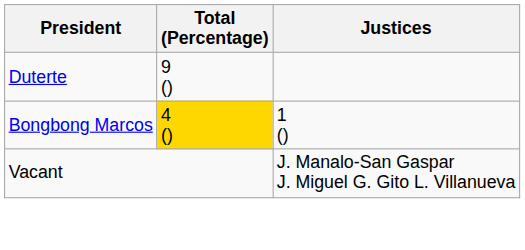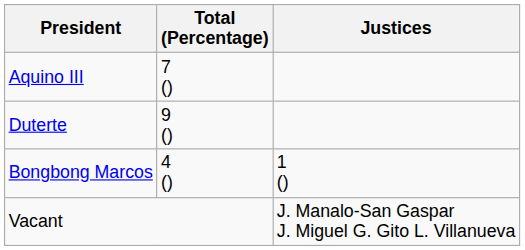 <table class="wikitable sortable">
 <tr>
 <th>President</th>
 <th>Total<br>(Percentage)</th>
 <th>Justices</th>
+</tr>
+<tr>
+<td><a href='#'>Aquino III</a></td>
+<td>7<br>()</td>
+<td></td>
 </tr>
 <tr>
 <td><a href='#'>Duterte</a></td>
 <td>9<br>()</td>
 <td></td>
 </tr>
 <tr>
 <td><a href='#'>Bongbong Marcos</a></td>
-<td style="background: gold;">4<br>()</td>
+<td>4<br>()</td>
 <td>1<br>()</td>
 </tr>
 <tr>
 <td colspan=2>Vacant</td>
 <td>J. Manalo-San Gaspar<br>J. Miguel G. Gito L. Villanueva</td>
 </tr>
 </table>
